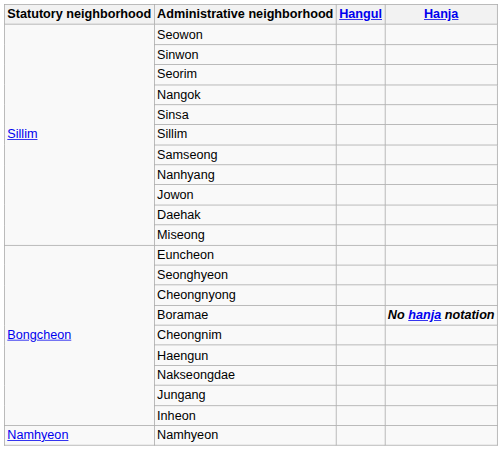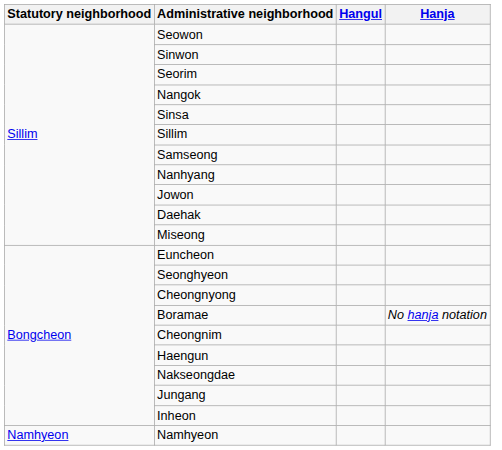 <table class="wikitable">
 <tr>
 <th>Statutory neighborhood</th>
 <th>Administrative neighborhood</th>
 <th><a href='#'>Hangul</a></th>
 <th><a href='#'>Hanja</a></th>
 </tr>
 <tr>
 <td rowspan="11"><a href='#'>Sillim</a></td>
 <td>Seowon</td>
 <td></td>
 <td></td>
 </tr>
 <tr>
 <td>Sinwon</td>
 <td></td>
 <td></td>
 </tr>
 <tr>
 <td>Seorim</td>
 <td></td>
 <td></td>
 </tr>
 <tr>
 <td>Nangok</td>
 <td></td>
 <td></td>
 </tr>
 <tr>
 <td>Sinsa</td>
 <td></td>
 <td></td>
 </tr>
 <tr>
 <td>Sillim</td>
 <td></td>
 <td></td>
 </tr>
 <tr>
 <td>Samseong</td>
 <td></td>
 <td></td>
 </tr>
 <tr>
 <td>Nanhyang</td>
 <td></td>
 <td></td>
 </tr>
 <tr>
 <td>Jowon</td>
 <td></td>
 <td></td>
 </tr>
 <tr>
 <td>Daehak</td>
 <td></td>
 <td></td>
 </tr>
 <tr>
 <td>Miseong</td>
 <td></td>
 <td></td>
 </tr>
 <tr>
 <td rowspan="9"><a href='#'>Bongcheon</a></td>
 <td>Euncheon</td>
 <td></td>
 <td></td>
 </tr>
 <tr>
 <td>Seonghyeon</td>
 <td></td>
 <td></td>
 </tr>
 <tr>
 <td>Cheongnyong </td>
 <td></td>
 <td></td>
 </tr>
 <tr>
 <td>Boramae</td>
 <td></td>
-<td><strong><em>No <a href='#'>hanja</a> notation</em></strong></td>
+<td><em>No <a href='#'>hanja</a> notation</em></td>
 </tr>
 <tr>
 <td>Cheongnim </td>
 <td></td>
 <td></td>
 </tr>
 <tr>
 <td>Haengun</td>
 <td></td>
 <td></td>
 </tr>
 <tr>
 <td>Nakseongdae</td>
 <td></td>
 <td></td>
 </tr>
 <tr>
 <td>Jungang</td>
 <td></td>
 <td></td>
 </tr>
 <tr>
 <td>Inheon</td>
 <td></td>
 <td></td>
 </tr>
 <tr>
 <td><a href='#'>Namhyeon</a></td>
 <td>Namhyeon</td>
 <td></td>
 <td></td>
 </tr>
 </table>
